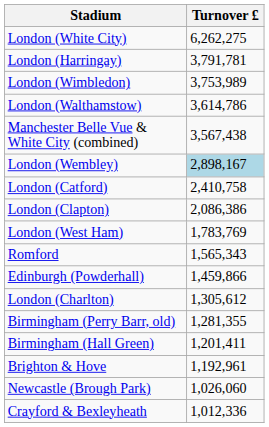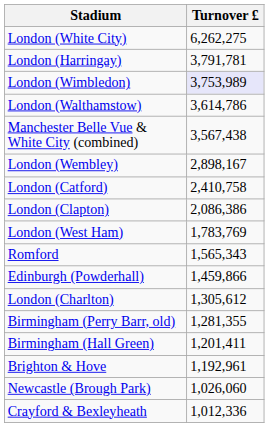 <table class="wikitable">
 <tr>
 <th width=200>Stadium</th>
 <th width=80>Turnover £</th>
 </tr>
 <tr>
 <td><a href='#'>London (White City)</a></td>
 <td>6,262,275</td>
 </tr>
 <tr>
 <td><a href='#'>London (Harringay)</a></td>
 <td>3,791,781</td>
 </tr>
 <tr>
 <td><a href='#'>London (Wimbledon)</a></td>
-<td>3,753,989</td>
+<td style="background: lavender;">3,753,989</td>
 </tr>
 <tr>
 <td><a href='#'>London (Walthamstow)</a></td>
 <td>3,614,786</td>
 </tr>
 <tr>
 <td><a href='#'>Manchester Belle Vue</a> &<br> <a href='#'>White City</a> (combined)</td>
 <td>3,567,438</td>
 </tr>
 <tr>
 <td><a href='#'>London (Wembley)</a></td>
-<td style="background: lightblue;">2,898,167</td>
+<td>2,898,167</td>
 </tr>
 <tr>
 <td><a href='#'>London (Catford)</a></td>
 <td>2,410,758</td>
 </tr>
 <tr>
 <td><a href='#'>London (Clapton)</a></td>
 <td>2,086,386</td>
 </tr>
 <tr>
 <td><a href='#'>London (West Ham)</a></td>
 <td>1,783,769</td>
 </tr>
 <tr>
 <td><a href='#'>Romford</a></td>
 <td>1,565,343</td>
 </tr>
 <tr>
 <td><a href='#'>Edinburgh (Powderhall)</a></td>
 <td>1,459,866</td>
 </tr>
 <tr>
 <td><a href='#'>London (Charlton)</a></td>
 <td>1,305,612</td>
 </tr>
 <tr>
 <td><a href='#'>Birmingham (Perry Barr, old)</a></td>
 <td>1,281,355</td>
 </tr>
 <tr>
 <td><a href='#'>Birmingham (Hall Green)</a></td>
 <td>1,201,411</td>
 </tr>
 <tr>
 <td><a href='#'>Brighton & Hove</a></td>
 <td>1,192,961</td>
 </tr>
 <tr>
 <td><a href='#'>Newcastle (Brough Park)</a></td>
 <td>1,026,060</td>
 </tr>
 <tr>
 <td><a href='#'>Crayford & Bexleyheath</a></td>
 <td>1,012,336</td>
 </tr>
 </table>
